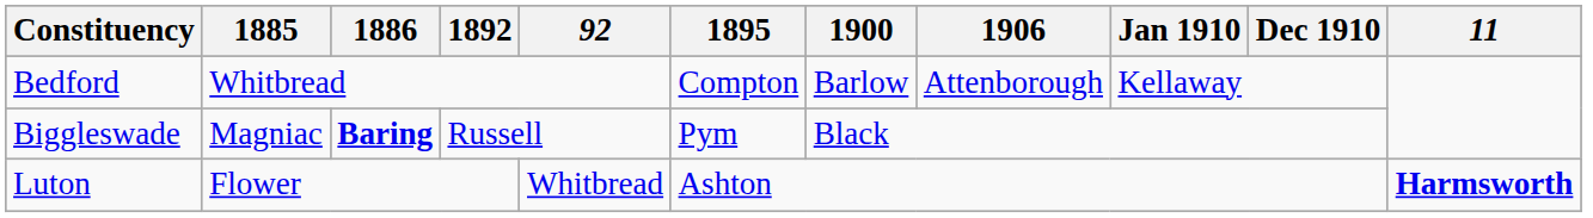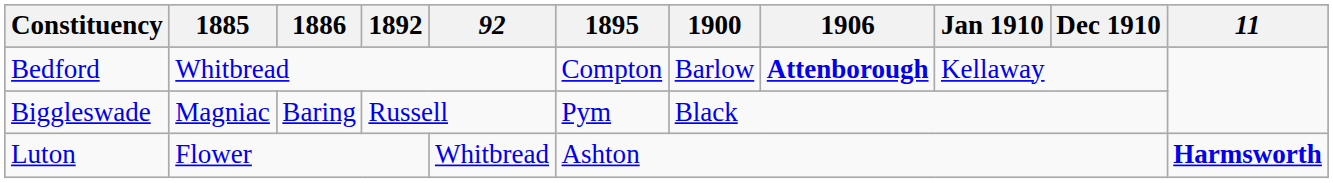 <table class="wikitable">
 <tr>
 <th>Constituency</th>
 <th>1885</th>
 <th>1886</th>
 <th>1892</th>
 <th><em>92</em></th>
 <th>1895</th>
 <th>1900</th>
 <th>1906</th>
 <th>Jan 1910</th>
 <th>Dec 1910</th>
 <th><em>11</em></th>
 </tr>
 <tr>
 <td><a href='#'>Bedford</a></td>
 <td colspan="4"><a href='#'>Whitbread</a></td>
 <td><a href='#'>Compton</a></td>
 <td><a href='#'>Barlow</a></td>
-<td><a href='#'>Attenborough</a></td>
+<td><strong><a href='#'>Attenborough</a></strong></td>
 <td colspan="2"><a href='#'>Kellaway</a></td>
 </tr>
 <tr>
 <td><a href='#'>Biggleswade</a></td>
 <td bgcolor=><a href='#'>Magniac</a></td>
-<td><strong><a href='#'>Baring</a></strong></td>
+<td><a href='#'>Baring</a></td>
 <td colspan="2"><a href='#'>Russell</a></td>
 <td><a href='#'>Pym</a></td>
 <td colspan="4"><a href='#'>Black</a></td>
 </tr>
 <tr>
 <td><a href='#'>Luton</a></td>
 <td colspan="3"><a href='#'>Flower</a></td>
 <td><a href='#'>Whitbread</a></td>
 <td colspan="5"><a href='#'>Ashton</a></td>
 <td><strong><a href='#'>Harmsworth</a></strong></td>
 </tr>
 </table>
